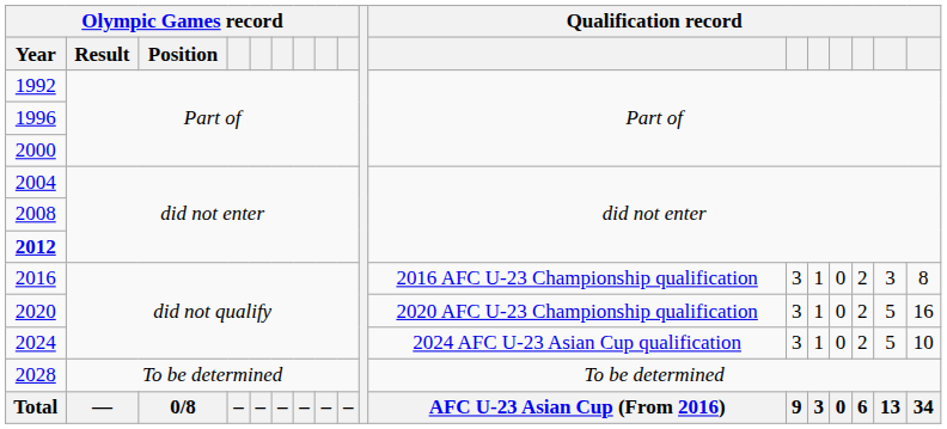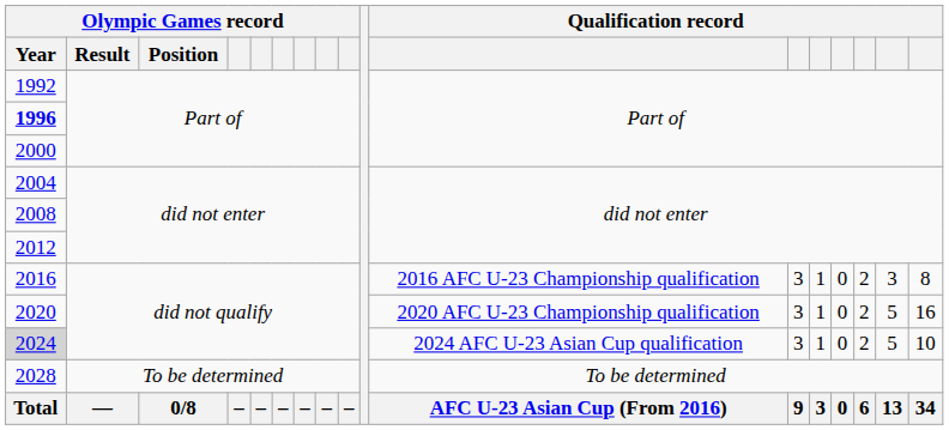 <table class="wikitable" style="text-align: center;">
 <tr>
 <th colspan=9><a href='#'>Olympic Games</a> record</th>
 <th width=1% rowspan=39></th>
 <th colspan=7>Qualification record</th>
 </tr>
 <tr>
 <th>Year</th>
 <th>Result</th>
 <th>Position</th>
 <th></th>
 <th></th>
 <th></th>
 <th></th>
 <th></th>
 <th></th>
 <th></th>
 <th></th>
 <th></th>
 <th></th>
 <th></th>
 <th></th>
 <th></th>
 </tr>
 <tr>
 <td> <a href='#'>1992</a></td>
 <td rowspan=3 colspan=8><em>Part of </em></td>
 <td rowspan=3 colspan=7><em>Part of </em></td>
 </tr>
 <tr>
-<td> <a href='#'>1996</a></td>
+<td><strong> <a href='#'>1996</a></strong></td>
 </tr>
 <tr>
 <td> <a href='#'>2000</a></td>
 </tr>
 <tr>
 <td> <a href='#'>2004</a></td>
 <td colspan=8 rowspan=3><em>did not enter</em></td>
 <td colspan=7 rowspan=3><em>did not enter</em></td>
 </tr>
 <tr>
 <td> <a href='#'>2008</a></td>
 </tr>
 <tr>
-<td><strong> <a href='#'>2012</a></strong></td>
+<td> <a href='#'>2012</a></td>
 </tr>
 <tr>
 <td> <a href='#'>2016</a></td>
 <td rowspan=3 colspan=8><em>did not qualify</em></td>
 <td><a href='#'>2016 AFC U-23 Championship qualification</a></td>
 <td>3</td>
 <td>1</td>
 <td>0</td>
 <td>2</td>
 <td>3</td>
 <td>8</td>
 </tr>
 <tr>
 <td> <a href='#'>2020</a></td>
 <td><a href='#'>2020 AFC U-23 Championship qualification</a></td>
 <td>3</td>
 <td>1</td>
 <td>0</td>
 <td>2</td>
 <td>5</td>
 <td>16</td>
 </tr>
 <tr>
-<td> <a href='#'>2024</a></td>
+<td style="background: lightgrey;"> <a href='#'>2024</a></td>
 <td><a href='#'>2024 AFC U-23 Asian Cup qualification</a></td>
 <td>3</td>
 <td>1</td>
 <td>0</td>
 <td>2</td>
 <td>5</td>
 <td>10</td>
 </tr>
 <tr>
 <td> <a href='#'>2028</a></td>
 <td colspan=8><em>To be determined</em></td>
 <td colspan=7><em>To be determined</em></td>
 </tr>
 <tr>
 <th>Total</th>
 <th>—</th>
 <th>0/8</th>
 <th>–</th>
 <th>–</th>
 <th>–</th>
 <th>–</th>
 <th>–</th>
 <th>–</th>
 <th><a href='#'>AFC U-23 Asian Cup</a> (From <a href='#'>2016</a>)</th>
 <th>9</th>
 <th>3</th>
 <th>0</th>
 <th>6</th>
 <th>13</th>
 <th>34</th>
 </tr>
 </table>
